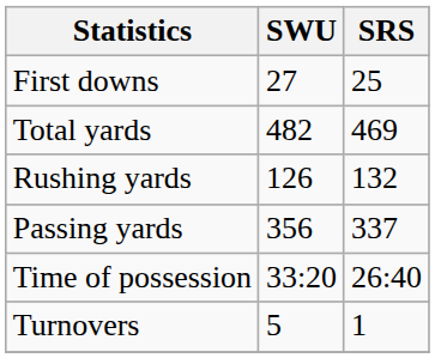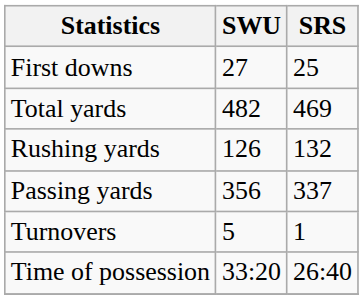 <table class="wikitable" style="float: left;">
 <tr>
 <th>Statistics</th>
 <th>SWU</th>
 <th>SRS</th>
 </tr>
 <tr>
 <td>First downs</td>
 <td>27</td>
 <td>25</td>
 </tr>
 <tr>
 <td>Total yards</td>
 <td>482</td>
 <td>469</td>
 </tr>
 <tr>
 <td>Rushing yards</td>
 <td>126</td>
 <td>132</td>
 </tr>
 <tr>
 <td>Passing yards</td>
 <td>356</td>
 <td>337</td>
 </tr>
 <tr>
+<td>Turnovers</td>
+<td>5</td>
+<td>1</td>
+</tr>
+<tr>
 <td>Time of possession</td>
 <td>33:20</td>
 <td>26:40</td>
 </tr>
 <tr>
-<td>Turnovers</td>
-<td>5</td>
-<td>1</td>
-</tr>
-<tr>
 </tr>
 </table>
